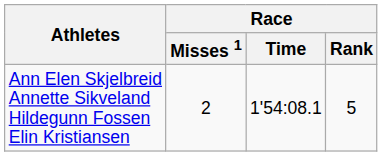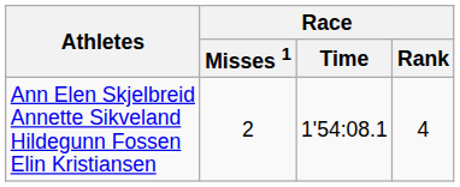 <table class="wikitable" style="font-size:90%">
 <tr>
 <th rowspan=2>Athletes</th>
 <th colspan=3>Race</th>
 </tr>
 <tr>
 <th>Misses <sup>1</sup></th>
 <th>Time</th>
 <th>Rank</th>
 </tr>
 <tr>
 <td><a href='#'>Ann Elen Skjelbreid</a><br><a href='#'>Annette Sikveland</a><br><a href='#'>Hildegunn Fossen</a><br><a href='#'>Elin Kristiansen</a></td>
 <td align=center>2</td>
 <td align=center>1'54:08.1</td>
-<td align=center>5</td>
+<td align=center>4</td>
 </tr>
 </table>
